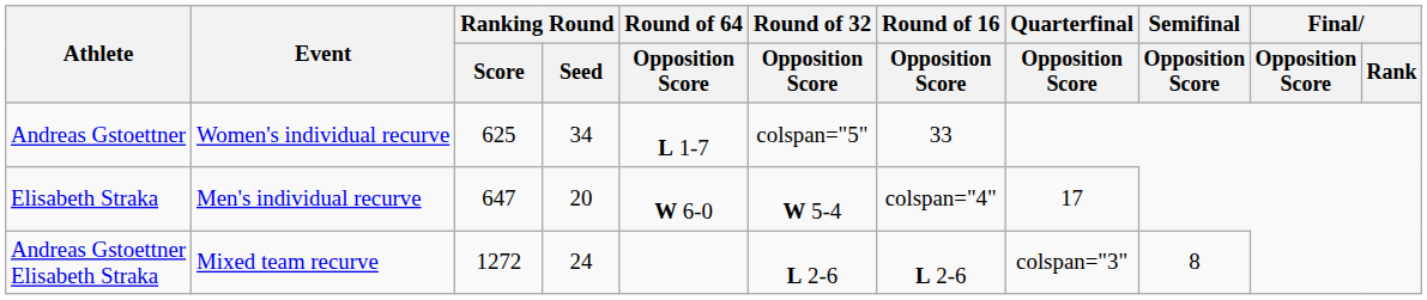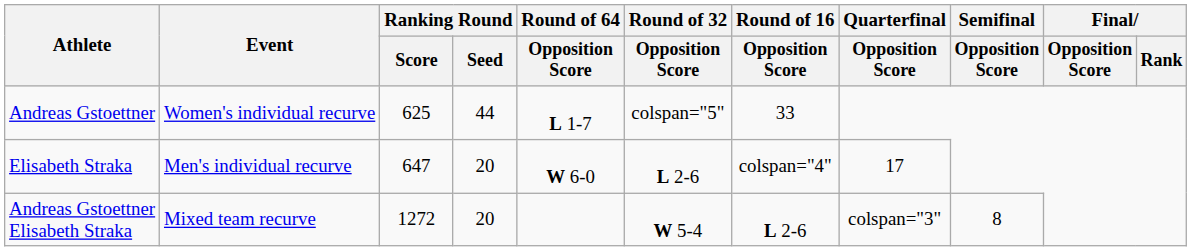 <table class="wikitable" style="text-align:center; font-size:90%">
 <tr>
 <th rowspan="2">Athlete</th>
 <th rowspan="2">Event</th>
 <th colspan="2">Ranking Round</th>
 <th>Round of 64</th>
 <th>Round of 32</th>
 <th>Round of 16</th>
 <th>Quarterfinal</th>
 <th>Semifinal</th>
 <th colspan="2">Final/</th>
 </tr>
 <tr style="font-size:95%">
 <th>Score</th>
 <th>Seed</th>
 <th>Opposition<br>Score</th>
 <th>Opposition<br>Score</th>
 <th>Opposition<br>Score</th>
 <th>Opposition<br>Score</th>
 <th>Opposition<br>Score</th>
 <th>Opposition<br>Score</th>
 <th>Rank</th>
 </tr>
 <tr>
 <td align="left"><a href='#'>Andreas Gstoettner</a></td>
 <td align="left"><a href='#'>Women's individual recurve</a></td>
 <td>625</td>
-<td>34</td>
+<td>44</td>
 <td><br><strong>L</strong> 1-7</td>
 <td>colspan="5" </td>
 <td>33</td>
 </tr>
 <tr>
 <td align="left"><a href='#'>Elisabeth Straka</a></td>
 <td align="left"><a href='#'>Men's individual recurve</a></td>
 <td>647</td>
 <td>20</td>
 <td><br><strong>W</strong> 6-0</td>
-<td><br><strong>W</strong> 5-4</td>
+<td><br><strong>L</strong> 2-6</td>
 <td>colspan="4" </td>
 <td>17</td>
 </tr>
 <tr>
 <td align="left"><a href='#'>Andreas Gstoettner</a><br><a href='#'>Elisabeth Straka</a></td>
 <td align="left"><a href='#'>Mixed team recurve</a></td>
 <td>1272</td>
-<td>24</td>
+<td>20</td>
 <td></td>
-<td><br><strong>L</strong> 2-6</td>
+<td><br><strong>W</strong> 5-4</td>
 <td><br><strong>L</strong> 2-6</td>
 <td>colspan="3" </td>
 <td>8</td>
 </tr>
 </table>
